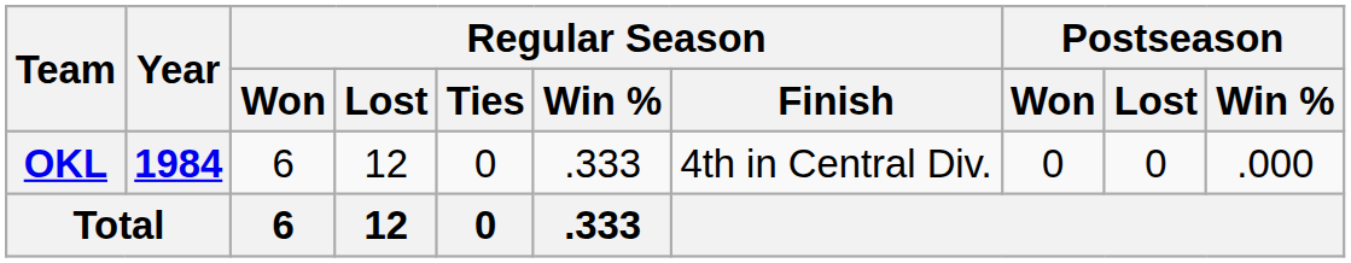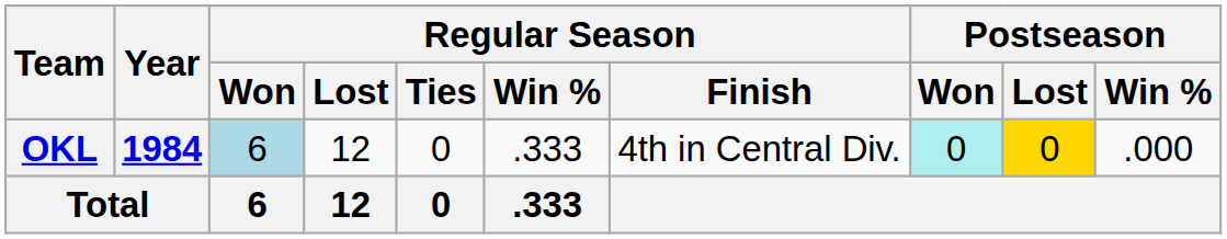 <table class="wikitable" style="font-size: 95%; text-align:center;">
 <tr>
 <th rowspan="2">Team</th>
 <th rowspan="2">Year</th>
 <th colspan="5">Regular Season</th>
 <th colspan="4">Postseason</th>
 </tr>
 <tr>
 <th>Won</th>
 <th>Lost</th>
 <th>Ties</th>
 <th>Win %</th>
 <th>Finish</th>
 <th>Won</th>
 <th>Lost</th>
 <th>Win %</th>
 </tr>
 <tr>
 <th><a href='#'>OKL</a></th>
 <th><a href='#'>1984</a></th>
-<td>6</td>
+<td style="background: lightblue;">6</td>
 <td>12</td>
 <td>0</td>
 <td>.333</td>
 <td>4th in Central Div.</td>
-<td>0</td>
-<td>0</td>
+<td style="background: paleturquoise;">0</td>
+<td style="background: gold;">0</td>
 <td>.000</td>
 </tr>
 <tr>
 <th colspan="2">Total</th>
 <th>6</th>
 <th>12</th>
 <th>0</th>
 <th>.333</th>
 <th colspan="5"></th>
 </tr>
 </table>
